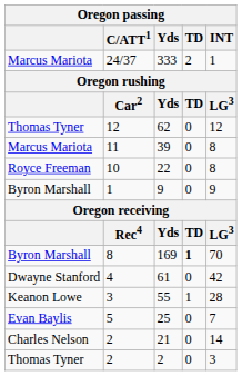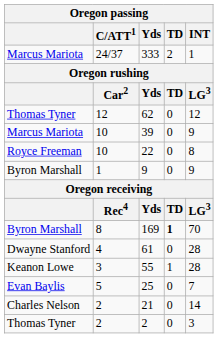 <table class="wikitable">
 <tr>
 <th colspan="5">Oregon passing</th>
 </tr>
 <tr>
 <th></th>
 <th>C/ATT<sup>1</sup></th>
 <th>Yds</th>
 <th>TD</th>
 <th>INT</th>
 </tr>
 <tr>
 <td><a href='#'>Marcus Mariota</a></td>
 <td>24/37</td>
 <td>333</td>
 <td>2</td>
 <td>1</td>
 </tr>
 <tr>
 <th colspan="5">Oregon rushing</th>
 </tr>
 <tr>
 <th></th>
 <th>Car<sup>2</sup></th>
 <th>Yds</th>
 <th>TD</th>
 <th>LG<sup>3</sup></th>
 </tr>
 <tr>
 <td><a href='#'>Thomas Tyner</a></td>
 <td>12</td>
 <td>62</td>
 <td>0</td>
 <td>12</td>
 </tr>
 <tr>
 <td><a href='#'>Marcus Mariota</a></td>
-<td>11</td>
+<td>10</td>
 <td>39</td>
 <td>0</td>
-<td>8</td>
+<td>9</td>
 </tr>
 <tr>
 <td><a href='#'>Royce Freeman</a></td>
 <td>10</td>
 <td>22</td>
 <td>0</td>
 <td>8</td>
 </tr>
 <tr>
 <td>Byron Marshall</td>
 <td>1</td>
 <td>9</td>
 <td>0</td>
 <td>9</td>
 </tr>
 <tr>
 <th colspan="9">Oregon receiving</th>
 </tr>
 <tr>
 <th></th>
 <th>Rec<sup>4</sup></th>
 <th>Yds</th>
 <th>TD</th>
 <th>LG<sup>3</sup></th>
 </tr>
 <tr>
 <td><a href='#'>Byron Marshall</a></td>
 <td>8</td>
 <td>169</td>
 <td><strong>1</strong></td>
 <td>70</td>
 </tr>
 <tr>
 <td>Dwayne Stanford</td>
 <td>4</td>
 <td>61</td>
 <td>0</td>
-<td>42</td>
+<td>28</td>
 </tr>
 <tr>
 <td>Keanon Lowe</td>
 <td>3</td>
 <td>55</td>
 <td>1</td>
 <td>28</td>
 </tr>
 <tr>
 <td><a href='#'>Evan Baylis</a></td>
 <td>5</td>
 <td>25</td>
 <td>0</td>
 <td>7</td>
 </tr>
 <tr>
 <td>Charles Nelson</td>
 <td>2</td>
 <td>21</td>
 <td>0</td>
 <td>14</td>
 </tr>
 <tr>
 <td>Thomas Tyner</td>
 <td>2</td>
 <td>2</td>
 <td>0</td>
 <td>3</td>
 </tr>
 </table>
